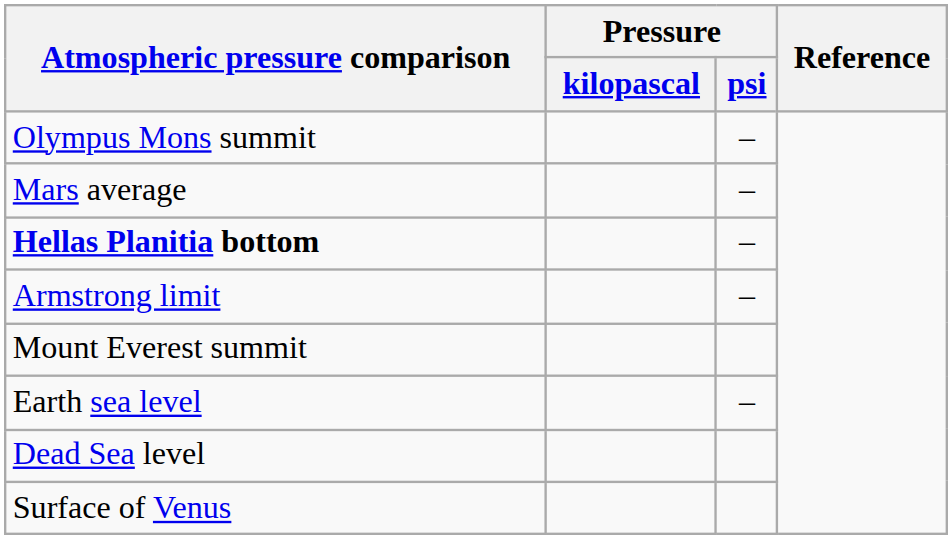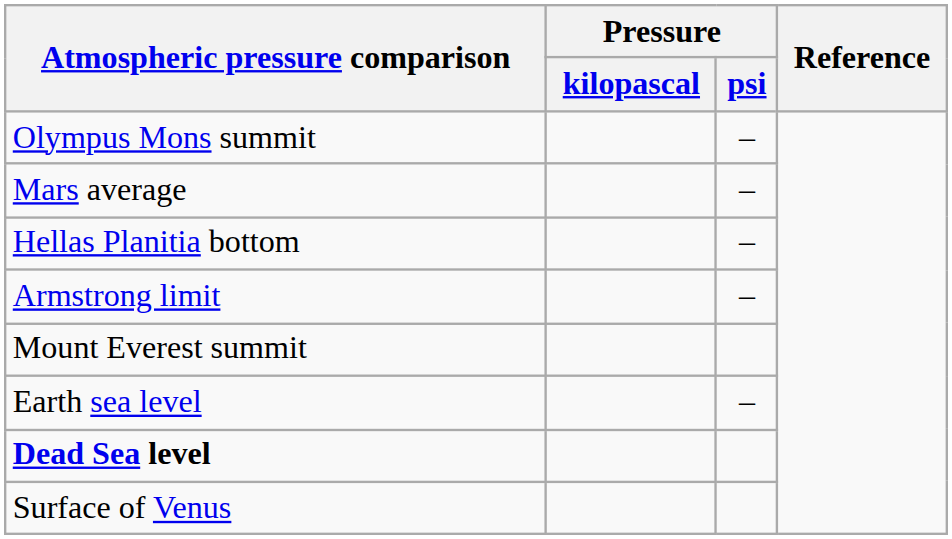 <table class="wikitable floatright" style="width: 400px; font-size: 0.85em;">
 <tr>
 <th rowspan= 2><a href='#'>Atmospheric pressure</a> comparison</th>
 <th colspan=2>Pressure</th>
 <th rowspan= 2>Reference</th>
 </tr>
 <tr>
 <th><a href='#'>kilopascal</a></th>
 <th><a href='#'>psi</a></th>
 </tr>
 <tr>
 <td><a href='#'>Olympus Mons</a> summit</td>
 <td></td>
 <td align=center>–</td>
 </tr>
 <tr>
 <td><a href='#'>Mars</a> average</td>
 <td></td>
 <td align=center>–</td>
 </tr>
 <tr>
-<td><strong><a href='#'>Hellas Planitia</a> bottom</strong></td>
+<td><a href='#'>Hellas Planitia</a> bottom</td>
 <td></td>
 <td align=center>–</td>
 </tr>
 <tr>
 <td><a href='#'>Armstrong limit</a></td>
 <td></td>
 <td align=center>–</td>
 </tr>
 <tr>
 <td>Mount Everest summit</td>
 <td></td>
 <td align=center></td>
 </tr>
 <tr>
 <td>Earth <a href='#'>sea level</a></td>
 <td></td>
 <td align=center>–</td>
 </tr>
 <tr>
-<td><a href='#'>Dead Sea</a> level</td>
+<td><strong><a href='#'>Dead Sea</a> level</strong></td>
 <td></td>
 <td align=center></td>
 </tr>
 <tr>
 <td>Surface of <a href='#'>Venus</a></td>
 <td></td>
 <td align=center></td>
 </tr>
 </table>
